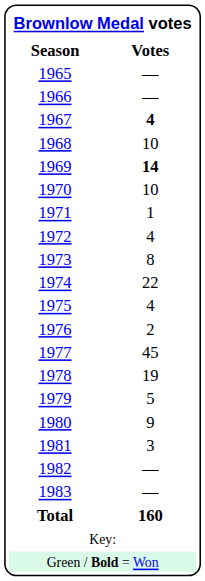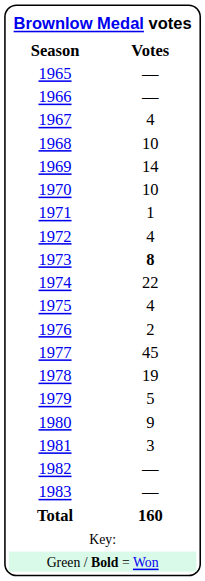 <table style="margin-right:4px; margin-top:8px; float:right; border:1px #000 solid; border-radius:8px; background:#fff; font-family:Verdana; font-size:8pt; text-align:center;">
 <tr style="background:#fff;">
 <td colspan="2;" style="padding:3px; margin-bottom:-3px; margin-top:2px; font-family:Arial; "><strong><a href='#'>Brownlow Medal</a> votes</strong></td>
 </tr>
 <tr>
 <th style="width:50%;">Season</th>
 <th style="width:50%;">Votes</th>
 </tr>
 <tr>
 <td><a href='#'>1965</a></td>
 <td>—</td>
 </tr>
 <tr>
 <td><a href='#'>1966</a></td>
 <td>—</td>
 </tr>
 <tr>
 <td><a href='#'>1967</a></td>
-<td><strong>4</strong></td>
+<td>4</td>
 </tr>
 <tr>
 <td><a href='#'>1968</a></td>
 <td>10</td>
 </tr>
 <tr>
 <td><a href='#'>1969</a></td>
-<td><strong>14</strong></td>
+<td>14</td>
 </tr>
 <tr>
 <td><a href='#'>1970</a></td>
 <td>10</td>
 </tr>
 <tr>
 <td><a href='#'>1971</a></td>
 <td>1</td>
 </tr>
 <tr>
 <td><a href='#'>1972</a></td>
 <td>4</td>
 </tr>
 <tr>
 <td><a href='#'>1973</a></td>
-<td>8</td>
+<td><strong>8</strong></td>
 </tr>
 <tr>
 <td><a href='#'>1974</a></td>
 <td>22</td>
 </tr>
 <tr>
 <td><a href='#'>1975</a></td>
 <td>4</td>
 </tr>
 <tr>
 <td><a href='#'>1976</a></td>
 <td>2</td>
 </tr>
 <tr>
 <td><a href='#'>1977</a></td>
 <td>45</td>
 </tr>
 <tr>
 <td><a href='#'>1978</a></td>
 <td>19</td>
 </tr>
 <tr>
 <td><a href='#'>1979</a></td>
 <td>5</td>
 </tr>
 <tr>
 <td><a href='#'>1980</a></td>
 <td>9</td>
 </tr>
 <tr>
 <td><a href='#'>1981</a></td>
 <td>3</td>
 </tr>
 <tr>
 <td><a href='#'>1982</a></td>
 <td>—</td>
 </tr>
 <tr>
 <td><a href='#'>1983</a></td>
 <td>—</td>
 </tr>
 <tr>
 <td><strong>Total</strong></td>
 <td><strong>160</strong></td>
 </tr>
 <tr>
 <td colspan=2><small>Key:</small></td>
 </tr>
 <tr style="background:#d9f9e9; border:1px solid #aaa; width:2em;">
 <td colspan=2><small>Green / <strong>Bold</strong> = <a href='#'>Won</a></small></td>
 </tr>
 </table>
